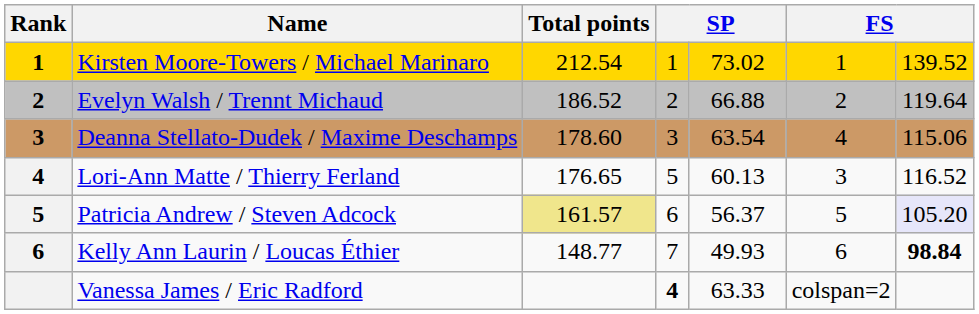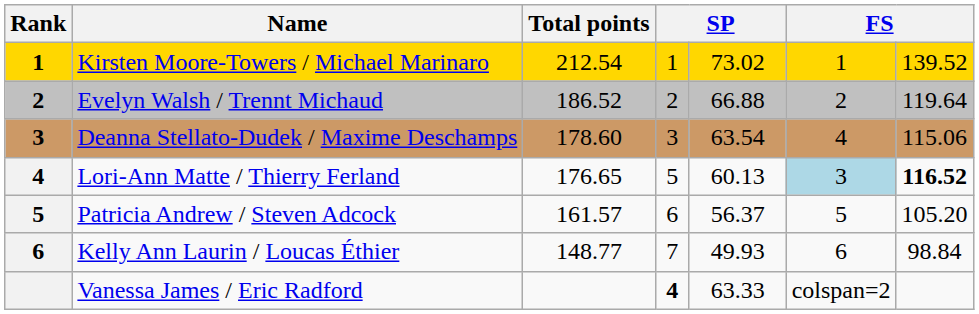 <table class="wikitable sortable">
 <tr>
 <th>Rank</th>
 <th>Name</th>
 <th>Total points</th>
 <th colspan="2" width="80px"><a href='#'>SP</a></th>
 <th colspan="2" width="80px"><a href='#'>FS</a></th>
 </tr>
 <tr bgcolor="gold">
 <td align="center"><strong>1</strong></td>
 <td><a href='#'>Kirsten Moore-Towers</a> / <a href='#'>Michael Marinaro</a></td>
 <td align="center">212.54</td>
 <td align="center">1</td>
 <td align="center">73.02</td>
 <td align="center">1</td>
 <td align="center">139.52</td>
 </tr>
 <tr bgcolor="silver">
 <td align="center"><strong>2</strong></td>
 <td><a href='#'>Evelyn Walsh</a> / <a href='#'>Trennt Michaud</a></td>
 <td align="center">186.52</td>
 <td align="center">2</td>
 <td align="center">66.88</td>
 <td align="center">2</td>
 <td align="center">119.64</td>
 </tr>
 <tr bgcolor="cc9966">
 <td align="center"><strong>3</strong></td>
 <td><a href='#'>Deanna Stellato-Dudek</a> / <a href='#'>Maxime Deschamps</a></td>
 <td align="center">178.60</td>
 <td align="center">3</td>
 <td align="center">63.54</td>
 <td align="center">4</td>
 <td align="center">115.06</td>
 </tr>
 <tr>
 <th>4</th>
 <td><a href='#'>Lori-Ann Matte</a> / <a href='#'>Thierry Ferland</a></td>
 <td align="center">176.65</td>
 <td align="center">5</td>
 <td align="center">60.13</td>
-<td align="center">3</td>
-<td align="center">116.52</td>
+<td align="center" style="background: lightblue;">3</td>
+<td align="center"><strong>116.52</strong></td>
 </tr>
 <tr>
 <th>5</th>
 <td><a href='#'>Patricia Andrew</a> / <a href='#'>Steven Adcock</a></td>
-<td align="center" style="background: khaki;">161.57</td>
+<td align="center">161.57</td>
 <td align="center">6</td>
 <td align="center">56.37</td>
 <td align="center">5</td>
-<td align="center" style="background: lavender;">105.20</td>
+<td align="center">105.20</td>
 </tr>
 <tr>
 <th>6</th>
 <td><a href='#'>Kelly Ann Laurin</a> / <a href='#'>Loucas Éthier</a></td>
 <td align="center">148.77</td>
 <td align="center">7</td>
 <td align="center">49.93</td>
 <td align="center">6</td>
-<td align="center"><strong>98.84</strong></td>
+<td align="center">98.84</td>
 </tr>
 <tr>
 <th></th>
 <td><a href='#'>Vanessa James</a> / <a href='#'>Eric Radford</a></td>
 <td></td>
 <td align="center"><strong>4</strong></td>
 <td align="center">63.33</td>
 <td>colspan=2 </td>
 </tr>
 </table>
